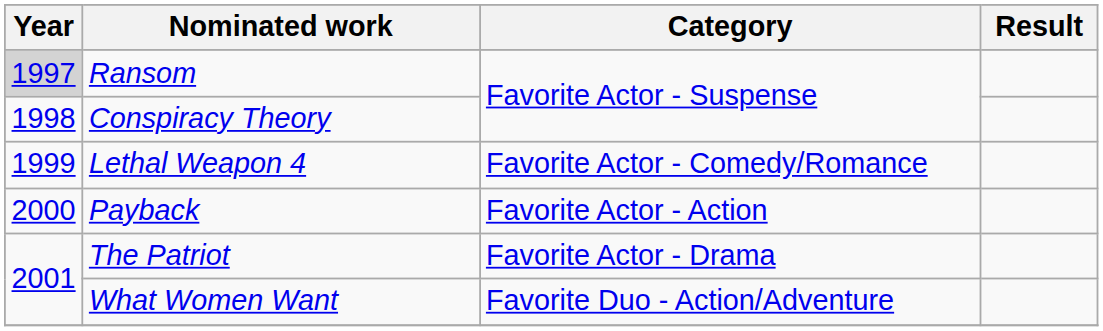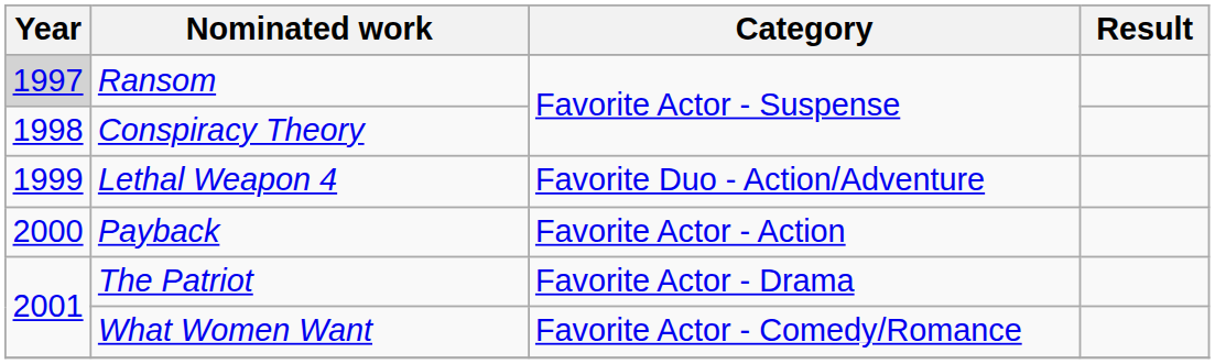 <table class="wikitable">
 <tr>
 <th scope="col" style="width:1em;">Year</th>
 <th scope="col" style="width:35em;">Nominated work</th>
 <th scope="col" style="width:40em;">Category</th>
 <th scope="col" style="width:5em;">Result</th>
 </tr>
 <tr>
 <td style="background: lightgrey;"><a href='#'>1997</a></td>
 <td><em><a href='#'>Ransom</a></em></td>
 <td rowspan="2"><a href='#'>Favorite Actor - Suspense</a></td>
 <td></td>
 </tr>
 <tr>
 <td><a href='#'>1998</a></td>
 <td><em><a href='#'>Conspiracy Theory</a></em></td>
 <td></td>
 </tr>
 <tr>
 <td><a href='#'>1999</a></td>
 <td><em><a href='#'>Lethal Weapon 4</a></em></td>
-<td><a href='#'>Favorite Actor - Comedy/Romance</a></td>
+<td><a href='#'>Favorite Duo - Action/Adventure</a></td>
 <td></td>
 </tr>
 <tr>
 <td><a href='#'>2000</a></td>
 <td><em><a href='#'>Payback</a></em></td>
 <td><a href='#'>Favorite Actor - Action</a></td>
 <td></td>
 </tr>
 <tr>
 <td rowspan="2"><a href='#'>2001</a></td>
 <td><em><a href='#'>The Patriot</a></em></td>
 <td><a href='#'>Favorite Actor - Drama</a></td>
 <td></td>
 </tr>
 <tr>
 <td><em><a href='#'>What Women Want</a></em></td>
-<td><a href='#'>Favorite Duo - Action/Adventure</a></td>
+<td><a href='#'>Favorite Actor - Comedy/Romance</a></td>
 <td></td>
 </tr>
 <tr>
 </tr>
 </table>
